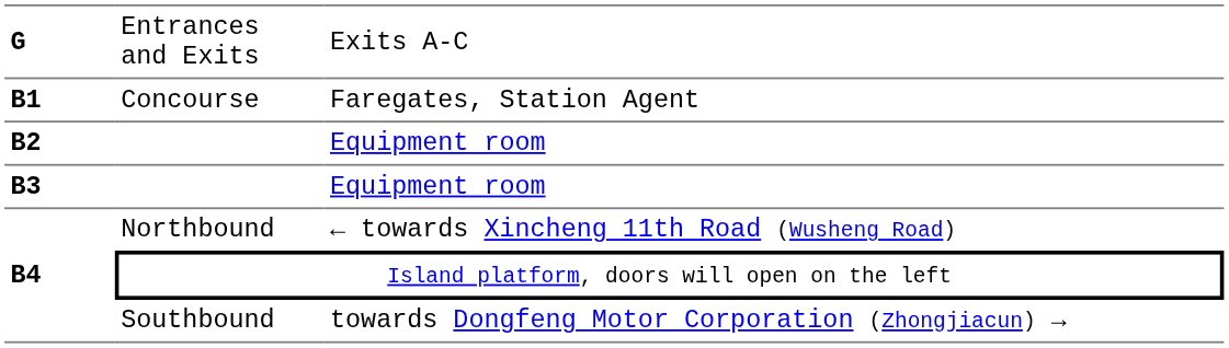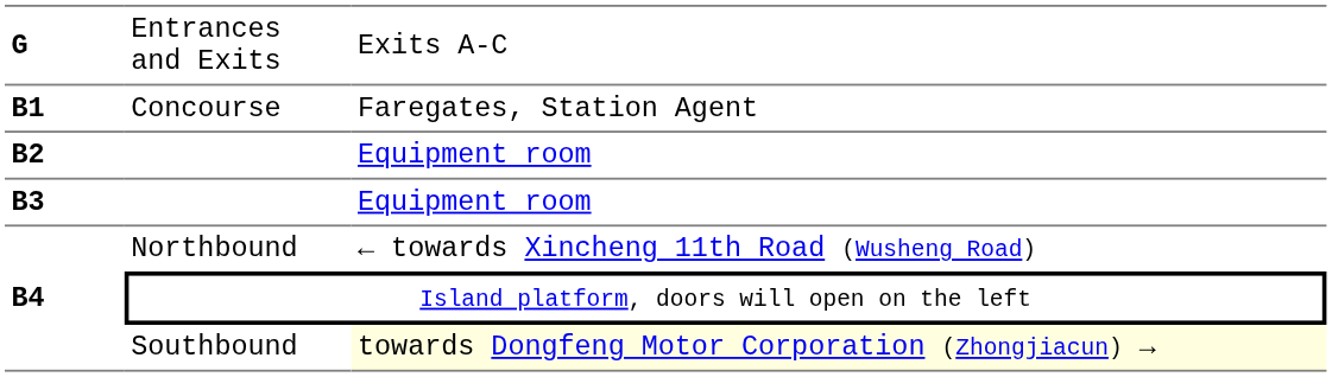 <table table border=0 cellspacing=0 cellpadding=3>
 <tr>
 <td style="border-top:solid 1px gray;border-bottom:solid 1px gray;" width=50><strong>G</strong></td>
 <td style="border-top:solid 1px gray;border-bottom:solid 1px gray;" width=100>Entrances and Exits</td>
 <td style="border-top:solid 1px gray;border-bottom:solid 1px gray;" width=450>Exits A-C</td>
 </tr>
 <tr>
 <td style="border-top:solid 0px gray;border-bottom:solid 1px gray;" width=50><strong>B1</strong></td>
 <td style="border-top:solid 0px gray;border-bottom:solid 1px gray;" width=100>Concourse</td>
 <td style="border-top:solid 0px gray;border-bottom:solid 1px gray;" width=450>Faregates, Station Agent</td>
 </tr>
 <tr>
 <td style="border-top:solid 0px gray;border-bottom:solid 1px gray;" width=50><strong>B2</strong></td>
 <td style="border-top:solid 0px gray;border-bottom:solid 1px gray;" width=100></td>
 <td style="border-top:solid 0px gray;border-bottom:solid 1px gray;" width=450><a href='#'>Equipment room</a></td>
 </tr>
 <tr>
 <td style="border-top:solid 0px gray;border-bottom:solid 1px gray;" width=50><strong>B3</strong></td>
 <td style="border-top:solid 0px gray;border-bottom:solid 1px gray;" width=100></td>
 <td style="border-top:solid 0px gray;border-bottom:solid 1px gray;" width=450><a href='#'>Equipment room</a></td>
 </tr>
 <tr>
 <td style="border-bottom:solid 1px gray;" rowspan=3><strong>B4</strong></td>
 <td>Northbound</td>
 <td>←  towards <a href='#'>Xincheng 11th Road</a> <small>(<a href='#'>Wusheng Road</a>)</small></td>
 </tr>
 <tr>
 <td style="border-right:solid 2px black;border-left:solid 2px black;border-top:solid 2px black;border-bottom:solid 2px black;text-align:center;" colspan=2><small><a href='#'>Island platform</a>, doors will open on the left</small></td>
 </tr>
 <tr>
 <td style="border-bottom:solid 1px gray;">Southbound</td>
-<td style="border-bottom:solid 1px gray;"> towards <a href='#'>Dongfeng Motor Corporation</a> <small>(<a href='#'>Zhongjiacun</a>)</small> →</td>
+<td style="background: lightyellow; border-bottom:solid 1px gray;"> towards <a href='#'>Dongfeng Motor Corporation</a> <small>(<a href='#'>Zhongjiacun</a>)</small> →</td>
 </tr>
 </table>
